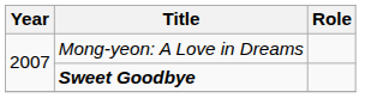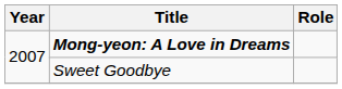 <table class="wikitable sortable">
 <tr>
 <th>Year</th>
 <th>Title</th>
 <th>Role</th>
 </tr>
 <tr>
 <td rowspan=2>2007</td>
-<td><em>Mong-yeon: A Love in Dreams</em></td>
+<td><strong><em>Mong-yeon: A Love in Dreams</em></strong></td>
 <td></td>
 </tr>
 <tr>
-<td><strong><em>Sweet Goodbye</em></strong></td>
+<td><em>Sweet Goodbye</em></td>
 <td></td>
 </tr>
 <tr>
 </tr>
 </table>
